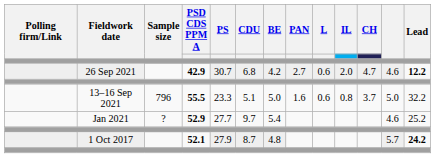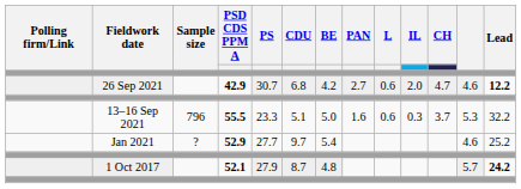 <table class="wikitable sortable mw-datatable" style="text-align:center;font-size:90%;line-height:16px;">
 <tr style="height:42px;">
 <th style="width:145px;" rowspan="2">Polling firm/Link</th>
 <th style="width:125px;" rowspan="2">Fieldwork date</th>
 <th class="unsortable" style="width:50px;" rowspan="2">Sample size</th>
 <th class="unsortable" style="width:35px;"><a href='#'>PSD</a><br><a href='#'>CDS</a><br><a href='#'>PPM</a><br><a href='#'>A</a></th>
 <th class="unsortable" style="width:35px;"><a href='#'>PS</a></th>
 <th class="unsortable" style="width:35px;"><a href='#'>CDU</a></th>
 <th class="unsortable" style="width:35px;"><a href='#'>BE</a></th>
 <th class="unsortable" style="width:35px;"><a href='#'>PAN</a></th>
 <th class="unsortable" style="width:35px;"><a href='#'>L</a></th>
 <th class="unsortable" style="width:35px;"><a href='#'>IL</a></th>
 <th class="unsortable" style="width:35px;"><a href='#'>CH</a></th>
 <th class="unsortable" style="width:35px;" rowspan="2"></th>
 <th class="unsortable" style="width:30px;" rowspan="2">Lead</th>
 </tr>
 <tr>
 <th class="unsortable" style="color:inherit;background:"></th>
 <th class="unsortable" style="color:inherit;background:"></th>
 <th class="unsortable" style="color:inherit;background:"></th>
 <th class="unsortable" style="color:inherit;background:"></th>
 <th class="sortable" style="background:"></th>
 <th class="unsortable" style="color:inherit;background:"></th>
 <th class="sortable" style="background:#00ADEF;"></th>
 <th class="sortable" style="background:#202056;"></th>
 </tr>
 <tr>
 <td colspan="14" style="background:#A0A0A0"></td>
 </tr>
 <tr>
 <td style="background:#EFEFEF;"><strong></strong></td>
 <td style="background:#EFEFEF;" data-sort-value="2019-10-06">26 Sep 2021</td>
 <td></td>
 <td><strong>42.9</strong><br></td>
 <td style="background:#EFEFEF;">30.7<br></td>
 <td style="background:#EFEFEF;">6.8<br></td>
 <td style="background:#EFEFEF;">4.2<br></td>
 <td style="background:#EFEFEF;">2.7<br></td>
 <td style="background:#EFEFEF;">0.6<br></td>
 <td style="background:#EFEFEF;">2.0<br></td>
 <td style="background:#EFEFEF;">4.7<br></td>
 <td style="background:#EFEFEF;">4.6</td>
 <td style="background:"><strong>12.2</strong></td>
 </tr>
 <tr>
 <td colspan="14" style="background:#A0A0A0"></td>
 </tr>
 <tr>
 <td align="center"><br></td>
 <td align="center">13–16 Sep 2021</td>
 <td>796</td>
 <td align="center" ><strong>55.5</strong><br></td>
 <td align="center">23.3<br></td>
 <td align="center">5.1<br></td>
 <td align="center">5.0<br></td>
 <td align="center">1.6<br></td>
 <td align="center">0.6<br></td>
-<td align="center">0.8<br></td>
+<td align="center">0.3<br></td>
 <td align="center">3.7<br></td>
-<td align="center">5.0<br></td>
+<td align="center">5.3<br></td>
 <td style="background:">32.2</td>
 </tr>
 <tr>
 <td align="center"></td>
 <td align="center">Jan 2021</td>
 <td>?</td>
 <td align="center" ><strong>52.9</strong></td>
 <td align="center">27.7</td>
 <td align="center">9.7</td>
 <td align="center">5.4</td>
 <td></td>
 <td></td>
 <td></td>
 <td></td>
 <td align="center">4.6</td>
 <td style="background:">25.2</td>
 </tr>
 <tr>
 <td colspan="14" style="background:#A0A0A0"></td>
 </tr>
 <tr>
 <td style="background:#EFEFEF;"><strong></strong></td>
 <td style="background:#EFEFEF;" data-sort-value="2019-10-06">1 Oct 2017</td>
 <td></td>
 <td><strong>52.1</strong><br></td>
 <td style="background:#EFEFEF;">27.9<br></td>
 <td style="background:#EFEFEF;">8.7<br></td>
 <td style="background:#EFEFEF;">4.8<br></td>
 <td></td>
 <td></td>
 <td></td>
 <td></td>
 <td style="background:#EFEFEF;">5.7<br></td>
 <td style="background:"><strong>24.2</strong></td>
 </tr>
 <tr>
 <td colspan="14" style="background:#A0A0A0"></td>
 </tr>
 </table>
